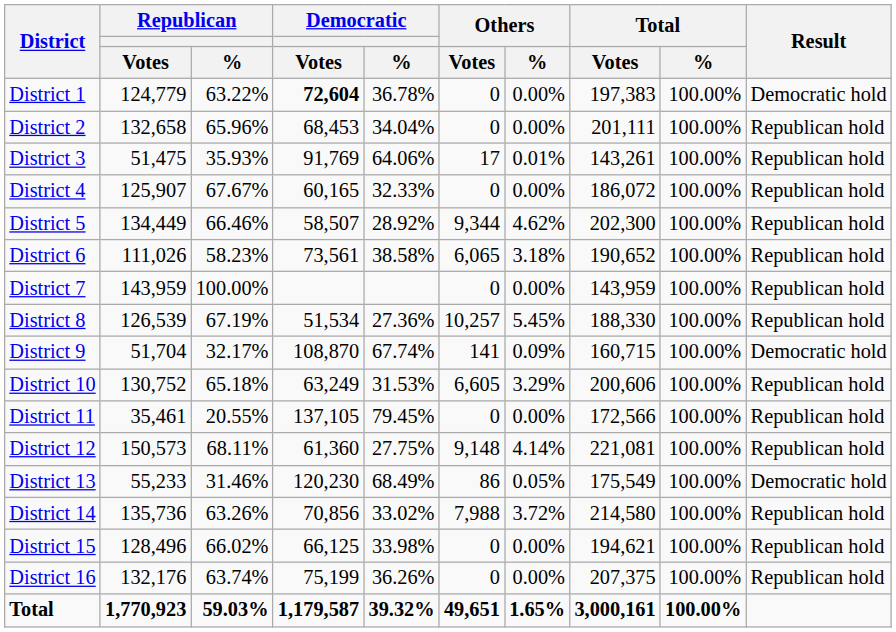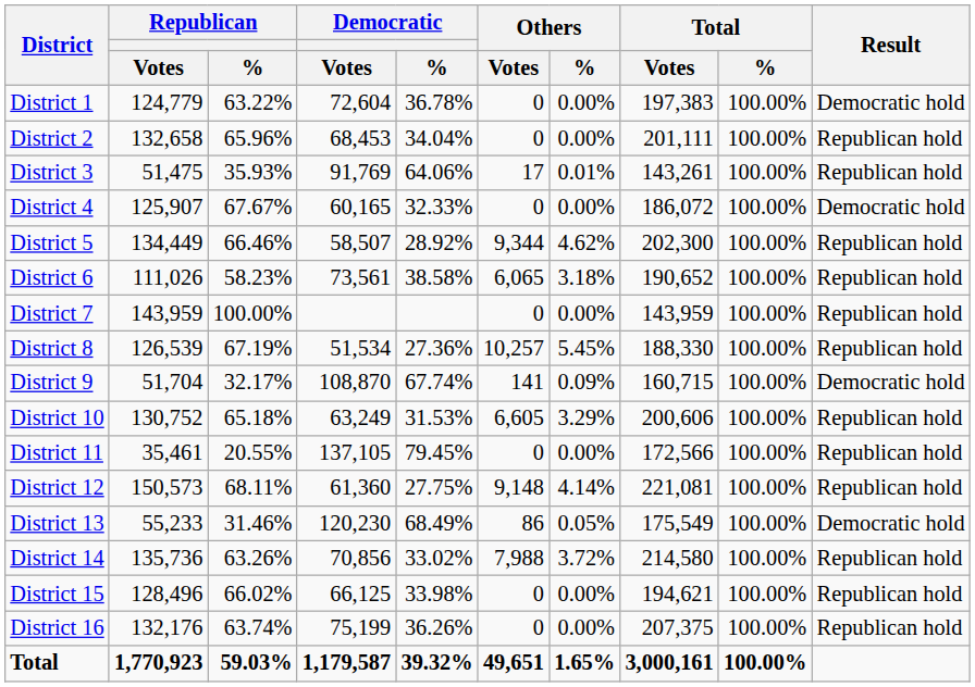 <table class="wikitable plainrowheaders sortable" style="font-size:100%; text-align:right;">
 <tr>
 <th scope=col rowspan=3><a href='#'>District</a></th>
 <th scope=col colspan=2><a href='#'>Republican</a></th>
 <th scope=col colspan=2><a href='#'>Democratic</a></th>
 <th scope=col colspan=2 rowspan=2>Others</th>
 <th scope=col colspan=2 rowspan=2>Total</th>
 <th scope=col rowspan=3>Result</th>
 </tr>
 <tr>
 <th scope=col colspan=2 style="background:"></th>
 <th scope=col colspan=2 style="background:"></th>
 </tr>
 <tr>
 <th scope=col data-sort-type="number">Votes</th>
 <th scope=col data-sort-type="number">%</th>
 <th scope=col data-sort-type="number">Votes</th>
 <th scope=col data-sort-type="number">%</th>
 <th scope=col data-sort-type="number">Votes</th>
 <th scope=col data-sort-type="number">%</th>
 <th scope=col data-sort-type="number">Votes</th>
 <th scope=col data-sort-type="number">%</th>
 </tr>
 <tr>
 <td align=left><a href='#'>District 1</a></td>
 <td>124,779</td>
 <td>63.22%</td>
-<td><strong>72,604</strong></td>
+<td>72,604</td>
 <td>36.78%</td>
 <td>0</td>
 <td>0.00%</td>
 <td>197,383</td>
 <td>100.00%</td>
 <td align=left>Democratic hold</td>
 </tr>
 <tr>
 <td align=left><a href='#'>District 2</a></td>
 <td>132,658</td>
 <td>65.96%</td>
 <td>68,453</td>
 <td>34.04%</td>
 <td>0</td>
 <td>0.00%</td>
 <td>201,111</td>
 <td>100.00%</td>
 <td align=left>Republican hold</td>
 </tr>
 <tr>
 <td align=left><a href='#'>District 3</a></td>
 <td>51,475</td>
 <td>35.93%</td>
 <td>91,769</td>
 <td>64.06%</td>
 <td>17</td>
 <td>0.01%</td>
 <td>143,261</td>
 <td>100.00%</td>
 <td align=left>Republican hold</td>
 </tr>
 <tr>
 <td align=left><a href='#'>District 4</a></td>
 <td>125,907</td>
 <td>67.67%</td>
 <td>60,165</td>
 <td>32.33%</td>
 <td>0</td>
 <td>0.00%</td>
 <td>186,072</td>
 <td>100.00%</td>
-<td align=left>Republican hold</td>
+<td align=left>Democratic hold</td>
 </tr>
 <tr>
 <td align=left><a href='#'>District 5</a></td>
 <td>134,449</td>
 <td>66.46%</td>
 <td>58,507</td>
 <td>28.92%</td>
 <td>9,344</td>
 <td>4.62%</td>
 <td>202,300</td>
 <td>100.00%</td>
 <td align=left>Republican hold</td>
 </tr>
 <tr>
 <td align=left><a href='#'>District 6</a></td>
 <td>111,026</td>
 <td>58.23%</td>
 <td>73,561</td>
 <td>38.58%</td>
 <td>6,065</td>
 <td>3.18%</td>
 <td>190,652</td>
 <td>100.00%</td>
 <td align=left>Republican hold</td>
 </tr>
 <tr>
 <td align=left><a href='#'>District 7</a></td>
 <td>143,959</td>
 <td>100.00%</td>
 <td></td>
 <td></td>
 <td>0</td>
 <td>0.00%</td>
 <td>143,959</td>
 <td>100.00%</td>
 <td align=left>Republican hold</td>
 </tr>
 <tr>
 <td align=left><a href='#'>District 8</a></td>
 <td>126,539</td>
 <td>67.19%</td>
 <td>51,534</td>
 <td>27.36%</td>
 <td>10,257</td>
 <td>5.45%</td>
 <td>188,330</td>
 <td>100.00%</td>
 <td align=left>Republican hold</td>
 </tr>
 <tr>
 <td align=left><a href='#'>District 9</a></td>
 <td>51,704</td>
 <td>32.17%</td>
 <td>108,870</td>
 <td>67.74%</td>
 <td>141</td>
 <td>0.09%</td>
 <td>160,715</td>
 <td>100.00%</td>
 <td align=left>Democratic hold</td>
 </tr>
 <tr>
 <td align=left><a href='#'>District 10</a></td>
 <td>130,752</td>
 <td>65.18%</td>
 <td>63,249</td>
 <td>31.53%</td>
 <td>6,605</td>
 <td>3.29%</td>
 <td>200,606</td>
 <td>100.00%</td>
 <td align=left>Republican hold</td>
 </tr>
 <tr>
 <td align=left><a href='#'>District 11</a></td>
 <td>35,461</td>
 <td>20.55%</td>
 <td>137,105</td>
 <td>79.45%</td>
 <td>0</td>
 <td>0.00%</td>
 <td>172,566</td>
 <td>100.00%</td>
 <td align=left>Republican hold</td>
 </tr>
 <tr>
 <td align=left><a href='#'>District 12</a></td>
 <td>150,573</td>
 <td>68.11%</td>
 <td>61,360</td>
 <td>27.75%</td>
 <td>9,148</td>
 <td>4.14%</td>
 <td>221,081</td>
 <td>100.00%</td>
 <td align=left>Republican hold</td>
 </tr>
 <tr>
 <td align=left><a href='#'>District 13</a></td>
 <td>55,233</td>
 <td>31.46%</td>
 <td>120,230</td>
 <td>68.49%</td>
 <td>86</td>
 <td>0.05%</td>
 <td>175,549</td>
 <td>100.00%</td>
 <td align=left>Democratic hold</td>
 </tr>
 <tr>
 <td align=left><a href='#'>District 14</a></td>
 <td>135,736</td>
 <td>63.26%</td>
 <td>70,856</td>
 <td>33.02%</td>
 <td>7,988</td>
 <td>3.72%</td>
 <td>214,580</td>
 <td>100.00%</td>
 <td align=left>Republican hold</td>
 </tr>
 <tr>
 <td align=left><a href='#'>District 15</a></td>
 <td>128,496</td>
 <td>66.02%</td>
 <td>66,125</td>
 <td>33.98%</td>
 <td>0</td>
 <td>0.00%</td>
 <td>194,621</td>
 <td>100.00%</td>
 <td align=left>Republican hold</td>
 </tr>
 <tr>
 <td align=left><a href='#'>District 16</a></td>
 <td>132,176</td>
 <td>63.74%</td>
 <td>75,199</td>
 <td>36.26%</td>
 <td>0</td>
 <td>0.00%</td>
 <td>207,375</td>
 <td>100.00%</td>
 <td align=left>Republican hold</td>
 </tr>
 <tr class="sortbottom" style="font-weight:bold">
 <td align=left>Total</td>
 <td>1,770,923</td>
 <td>59.03%</td>
 <td>1,179,587</td>
 <td>39.32%</td>
 <td>49,651</td>
 <td>1.65%</td>
 <td>3,000,161</td>
 <td>100.00%</td>
 <td></td>
 </tr>
 </table>
